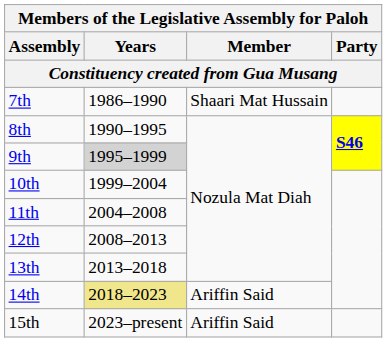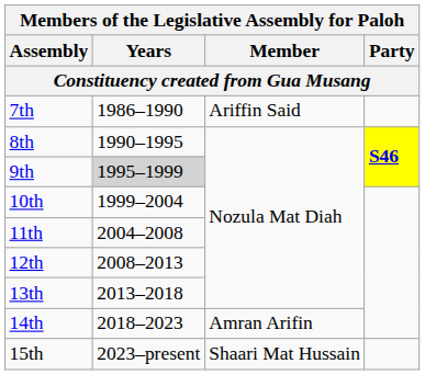 <table class=wikitable>
 <tr>
 <th colspan=4>Members of the Legislative Assembly for Paloh</th>
 </tr>
 <tr>
 <th>Assembly</th>
 <th>Years</th>
 <th>Member</th>
 <th>Party</th>
 </tr>
 <tr>
 <th colspan=4 align=center><em>Constituency created from Gua Musang</em></th>
 </tr>
 <tr>
 <td><a href='#'>7th</a></td>
 <td>1986–1990</td>
-<td>Shaari Mat Hussain</td>
+<td>Ariffin Said</td>
 <td></td>
 </tr>
 <tr>
 <td><a href='#'>8th</a></td>
 <td>1990–1995</td>
 <td rowspan=6>Nozula Mat Diah</td>
 <td rowspan=2 bgcolor="yellow"><strong><a href='#'>S46</a></strong></td>
 </tr>
 <tr>
 <td><a href='#'>9th</a></td>
 <td style="background: lightgrey;">1995–1999</td>
 </tr>
 <tr>
 <td><a href='#'>10th</a></td>
 <td>1999–2004</td>
 <td rowspan=5></td>
 </tr>
 <tr>
 <td><a href='#'>11th</a></td>
 <td>2004–2008</td>
 </tr>
 <tr>
 <td><a href='#'>12th</a></td>
 <td>2008–2013</td>
 </tr>
 <tr>
 <td><a href='#'>13th</a></td>
 <td>2013–2018</td>
 </tr>
 <tr>
 <td><a href='#'>14th</a></td>
-<td style="background: khaki;">2018–2023</td>
-<td>Ariffin Said</td>
+<td>2018–2023</td>
+<td>Amran Arifin</td>
 </tr>
 <tr>
 <td>15th</td>
 <td>2023–present</td>
-<td>Ariffin Said</td>
+<td>Shaari Mat Hussain</td>
 <td></td>
 </tr>
 </table>
